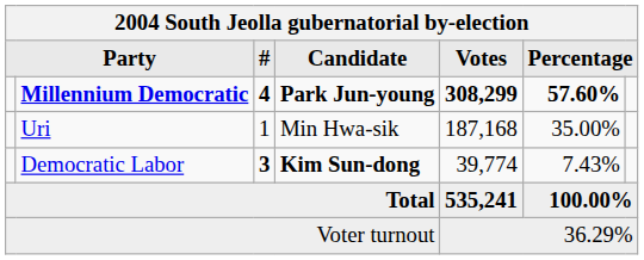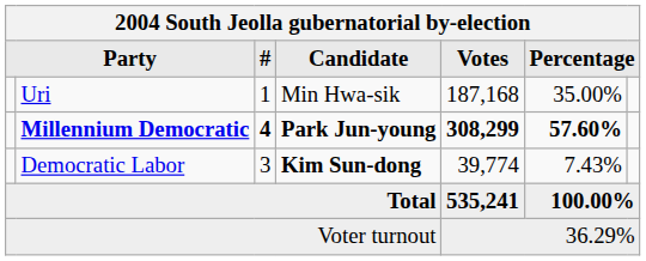 <table class="wikitable">
 <tr>
 <th colspan="7">2004 South Jeolla gubernatorial by-election</th>
 </tr>
 <tr>
 <th style="background-color:#E9E9E9" colspan=2>Party</th>
 <th style="background-color:#E9E9E9">#</th>
 <th style="background-color:#E9E9E9">Candidate</th>
 <th style="background-color:#E9E9E9">Votes</th>
 <th style="background-color:#E9E9E9" colspan=2>Percentage</th>
+</tr>
+<tr>
+<td></td>
+<td align=left><a href='#'>Uri</a></td>
+<td align=center>1</td>
+<td align=left>Min Hwa-sik</td>
+<td align=right>187,168</td>
+<td align=right>35.00%</td>
+<td align=right></td>
 </tr>
 <tr style="font-weight:bold">
 <td></td>
 <td align=left><a href='#'>Millennium Democratic</a></td>
 <td align=center>4</td>
 <td align=left>Park Jun-young</td>
 <td align=right>308,299</td>
 <td align=right>57.60%</td>
 <td align=right></td>
 </tr>
 <tr>
 <td></td>
-<td align=left><a href='#'>Uri</a></td>
-<td align=center>1</td>
-<td align=left>Min Hwa-sik</td>
-<td align=right>187,168</td>
-<td align=right>35.00%</td>
-<td align=right></td>
-</tr>
-<tr>
-<td></td>
 <td align=left><a href='#'>Democratic Labor</a></td>
-<td align=center><strong>3</strong></td>
+<td align=center>3</td>
 <td align=left><strong>Kim Sun-dong</strong></td>
 <td align=right>39,774</td>
 <td align=right>7.43%</td>
 <td align=right></td>
 </tr>
 <tr bgcolor="#EEEEEE" style="font-weight:bold">
 <td colspan="4" align=right>Total</td>
 <td align=right>535,241</td>
 <td align=right colspan=2>100.00%</td>
 </tr>
 <tr bgcolor="#EEEEEE">
 <td colspan="4" align="right">Voter turnout</td>
 <td colspan="3" align="right">36.29%</td>
 </tr>
 </table>
